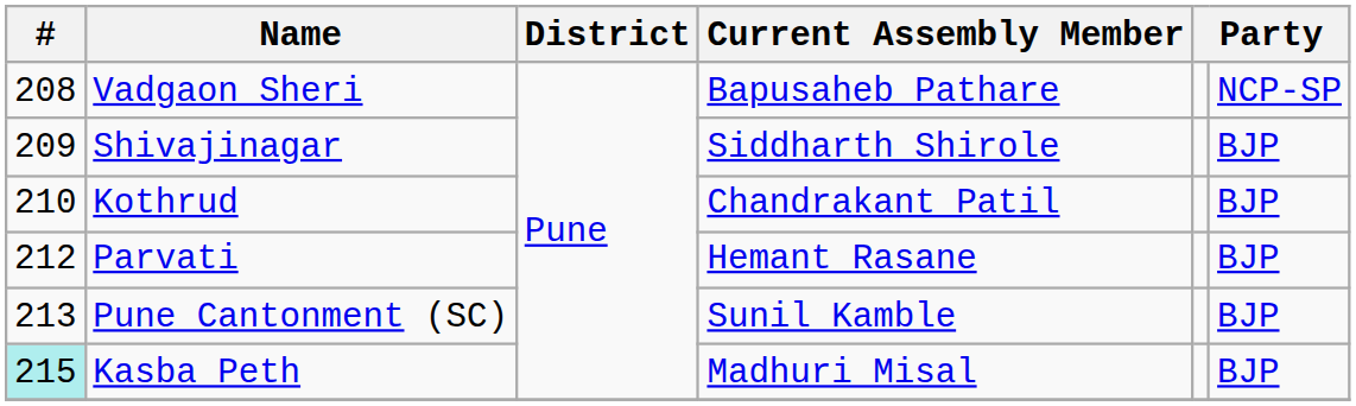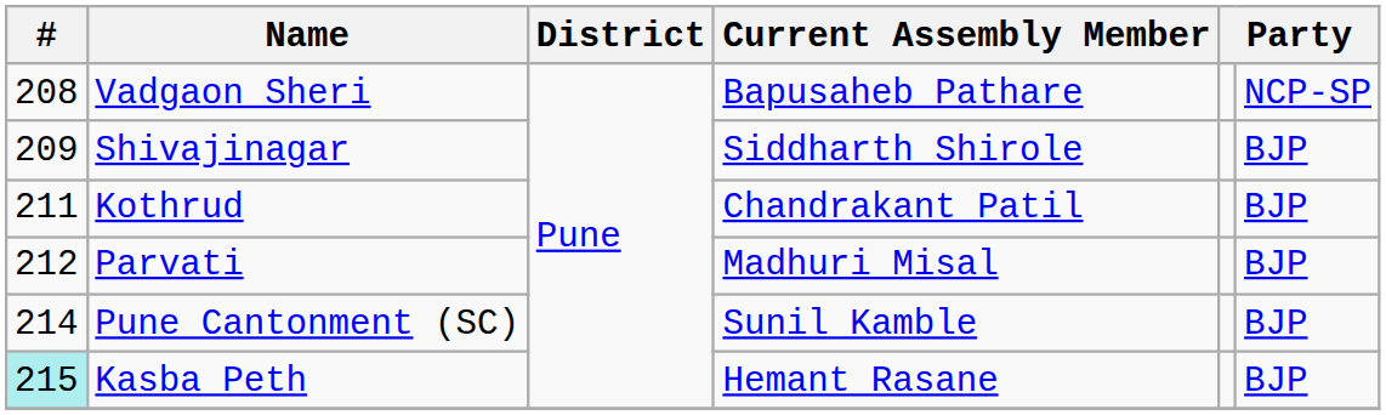 <table class="wikitable">
 <tr>
 <th>#</th>
 <th>Name</th>
 <th>District</th>
 <th>Current Assembly Member</th>
 <th colspan="2">Party</th>
 </tr>
 <tr>
 <td>208</td>
 <td><a href='#'>Vadgaon Sheri</a></td>
 <td rowspan="6"><a href='#'>Pune</a></td>
 <td><a href='#'>Bapusaheb Pathare</a></td>
 <td style="background-color: "></td>
 <td><a href='#'>NCP-SP</a></td>
 </tr>
 <tr>
 <td>209</td>
 <td><a href='#'>Shivajinagar</a></td>
 <td><a href='#'>Siddharth Shirole</a></td>
 <td style="background-color: "></td>
 <td><a href='#'>BJP</a></td>
 </tr>
 <tr>
-<td>210</td>
+<td>211</td>
 <td><a href='#'>Kothrud</a></td>
 <td><a href='#'>Chandrakant Patil</a></td>
 <td style="background-color: "></td>
 <td><a href='#'>BJP</a></td>
 </tr>
 <tr>
 <td>212</td>
 <td><a href='#'>Parvati</a></td>
-<td><a href='#'>Hemant Rasane</a></td>
+<td><a href='#'>Madhuri Misal</a></td>
 <td style="background-color: "></td>
 <td><a href='#'>BJP</a></td>
 </tr>
 <tr>
-<td>213</td>
+<td>214</td>
 <td><a href='#'>Pune Cantonment</a> (SC)</td>
 <td><a href='#'>Sunil Kamble</a></td>
 <td style="background-color: "></td>
 <td><a href='#'>BJP</a></td>
 </tr>
 <tr>
 <td style="background: paleturquoise;">215</td>
 <td><a href='#'>Kasba Peth</a></td>
-<td><a href='#'>Madhuri Misal</a></td>
+<td><a href='#'>Hemant Rasane</a></td>
 <td style="background-color: "></td>
 <td><a href='#'>BJP</a></td>
 </tr>
 <tr>
 </tr>
 </table>
